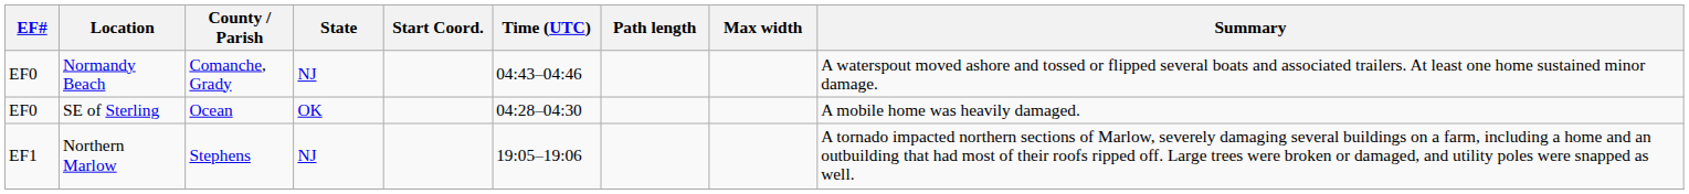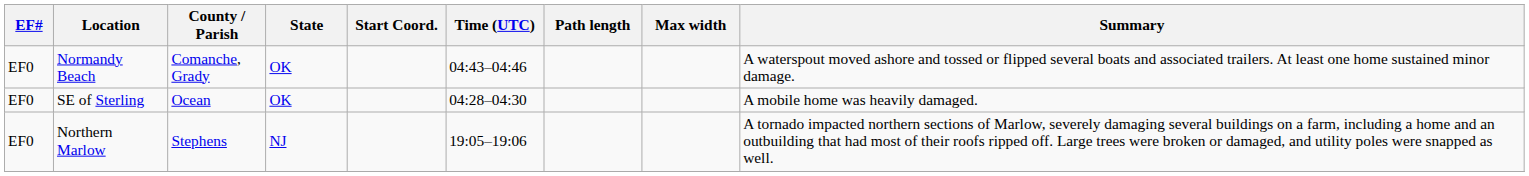 <table class="wikitable sortable" style="width:100%;">
 <tr>
 <th scope="col"  style="width:3%; text-align:center;"><a href='#'>EF#</a></th>
 <th scope="col"  style="width:7%; text-align:center;" class="unsortable">Location</th>
 <th scope="col"  style="width:6%; text-align:center;" class="unsortable">County / Parish</th>
 <th scope="col"  style="width:5%; text-align:center;">State</th>
 <th scope="col"  style="width:6%; text-align:center;">Start Coord.</th>
 <th scope="col"  style="width:6%; text-align:center;">Time (<a href='#'>UTC</a>)</th>
 <th scope="col"  style="width:6%; text-align:center;">Path length</th>
 <th scope="col"  style="width:6%; text-align:center;">Max width</th>
 <th scope="col" class="unsortable" style="width:48%; text-align:center;">Summary</th>
 </tr>
 <tr>
 <td>EF0</td>
 <td><a href='#'>Normandy Beach</a></td>
 <td><a href='#'>Comanche</a>, <a href='#'>Grady</a></td>
-<td><a href='#'>NJ</a></td>
+<td><a href='#'>OK</a></td>
 <td></td>
 <td>04:43–04:46</td>
 <td></td>
 <td></td>
 <td>A waterspout moved ashore and tossed or flipped several boats and associated trailers. At least one home sustained minor damage.</td>
 </tr>
 <tr>
 <td>EF0</td>
 <td>SE of <a href='#'>Sterling</a></td>
 <td><a href='#'>Ocean</a></td>
 <td><a href='#'>OK</a></td>
 <td></td>
 <td>04:28–04:30</td>
 <td></td>
 <td></td>
 <td>A mobile home was heavily damaged.</td>
 </tr>
 <tr>
-<td>EF1</td>
+<td>EF0</td>
 <td>Northern <a href='#'>Marlow</a></td>
 <td><a href='#'>Stephens</a></td>
 <td><a href='#'>NJ</a></td>
 <td></td>
 <td>19:05–19:06</td>
 <td></td>
 <td></td>
 <td>A tornado impacted northern sections of Marlow, severely damaging several buildings on a farm, including a home and an outbuilding that had most of their roofs ripped off. Large trees were broken or damaged, and utility poles were snapped as well.</td>
 </tr>
 <tr>
 </tr>
 </table>
